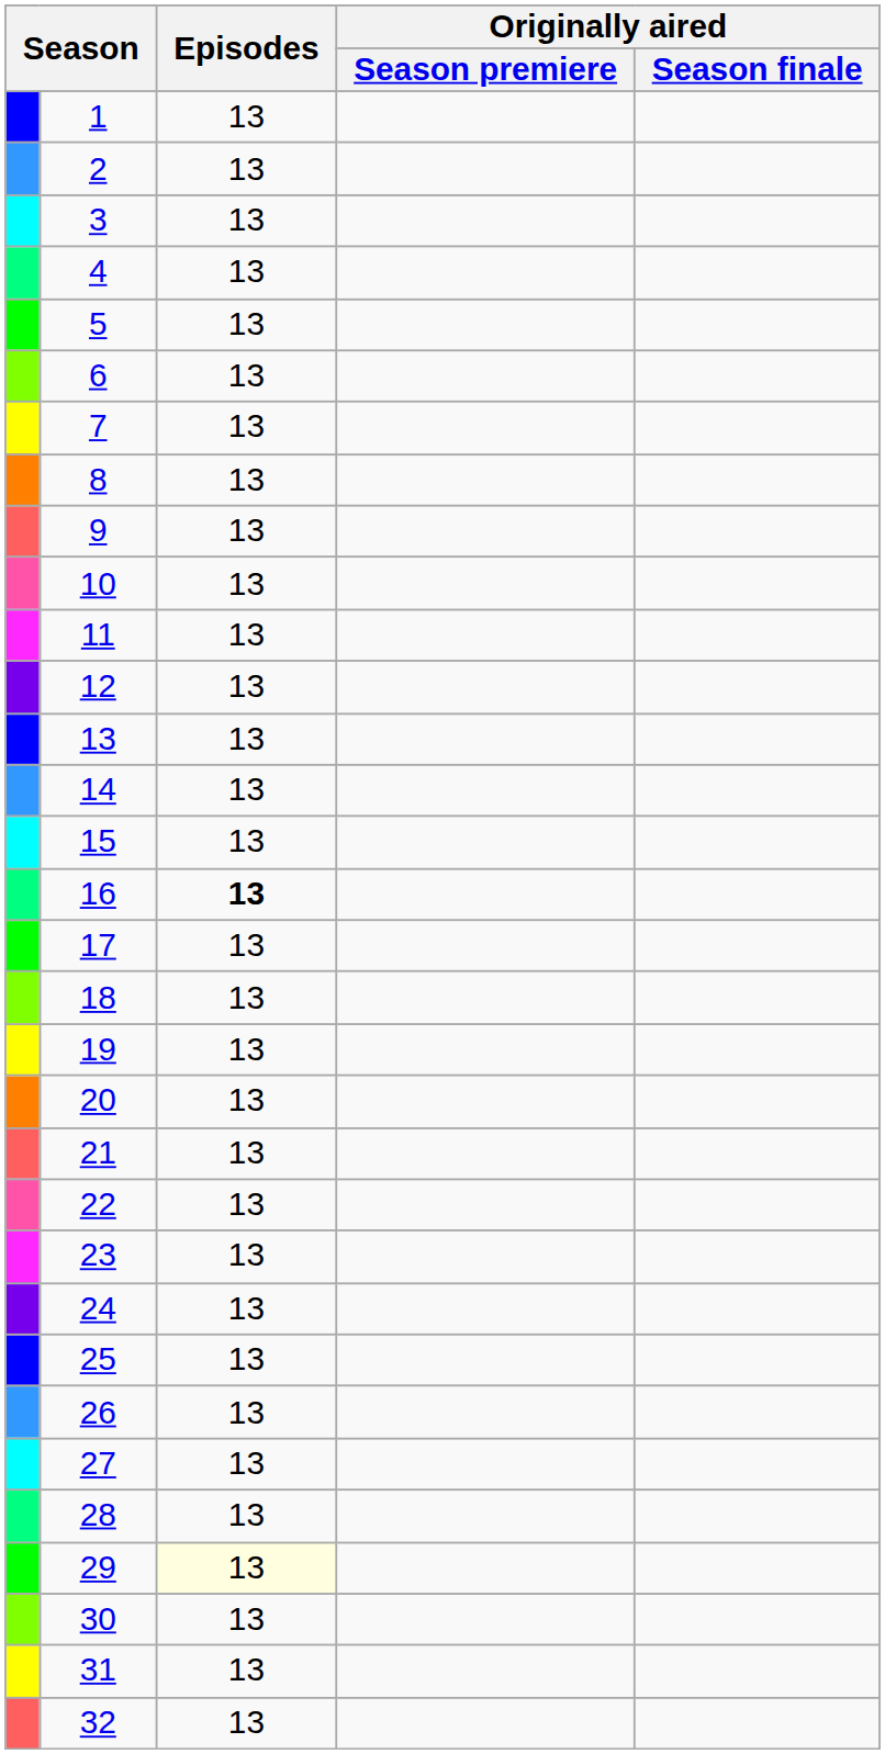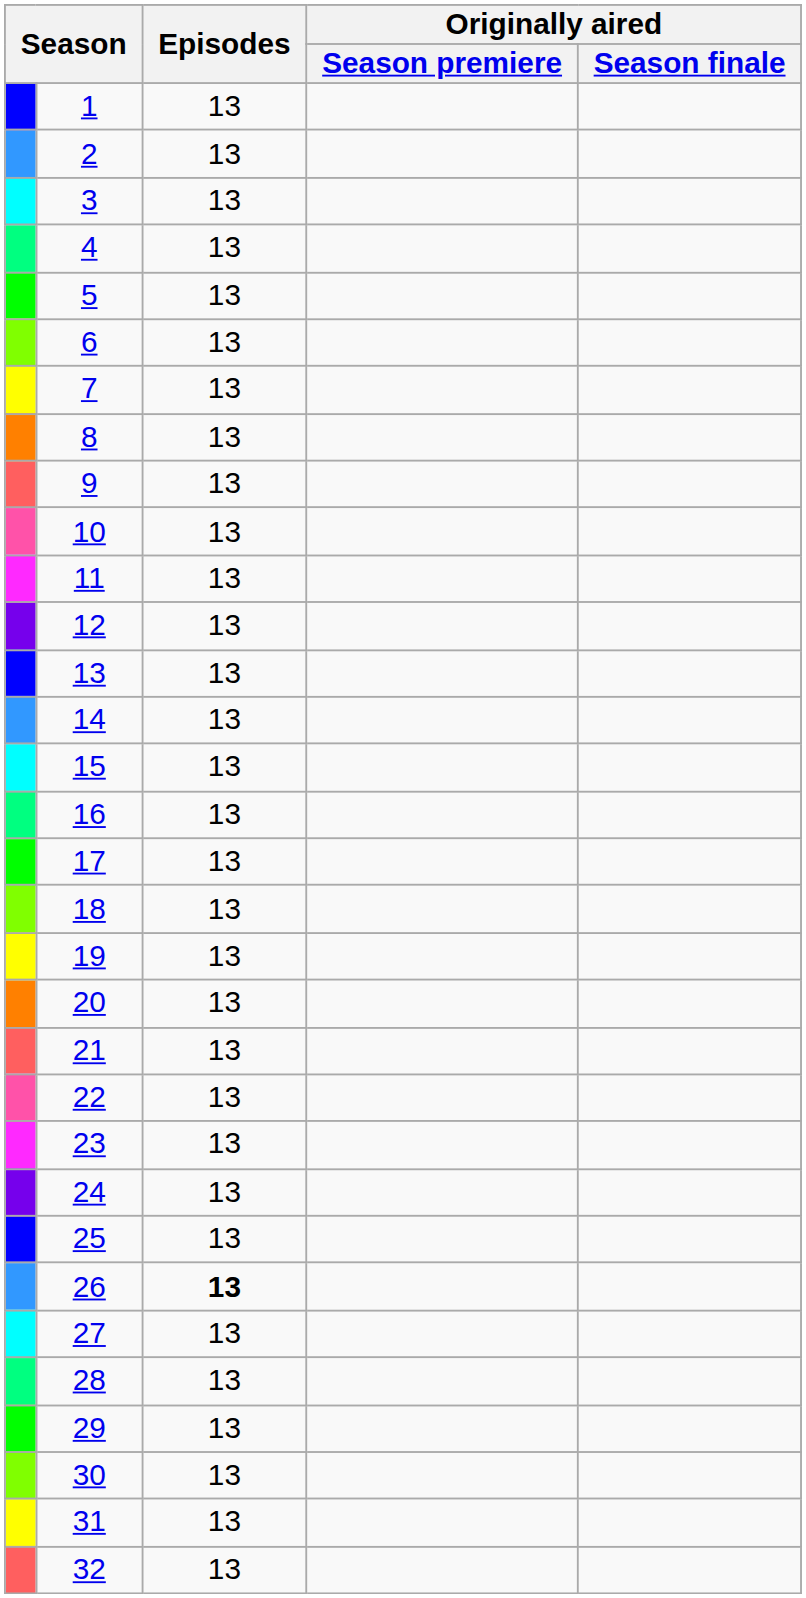 <table class="wikitable plainrowheaders" style="text-align:center;">
 <tr>
 <th scope="col" colspan="2" rowspan="2" style="padding: 0px 8px">Season</th>
 <th scope="col" rowspan="2" style="padding: 0px 8px">Episodes</th>
 <th scope="col" colspan="2" style="padding: 1px 8px">Originally aired</th>
 </tr>
 <tr>
 <th scope="col" style="padding: 1px 8px"><a href='#'>Season premiere</a></th>
 <th scope="col" style="padding: 1px 8px"><a href='#'>Season finale</a></th>
 </tr>
 <tr>
 <td scope="row" bgcolor="#0000FF" height="10px"></td>
 <td><a href='#'>1</a></td>
 <td>13</td>
 <td></td>
 <td></td>
 </tr>
 <tr>
 <td scope="row" bgcolor="#3198FF" height="10px"></td>
 <td><a href='#'>2</a></td>
 <td>13</td>
 <td></td>
 <td></td>
 </tr>
 <tr>
 <td scope="row" bgcolor="#00FFFF" height="10px"></td>
 <td><a href='#'>3</a></td>
 <td>13</td>
 <td></td>
 <td></td>
 </tr>
 <tr>
 <td scope="row" bgcolor="#00FF80" height="10px"></td>
 <td><a href='#'>4</a></td>
 <td>13</td>
 <td></td>
 <td></td>
 </tr>
 <tr>
 <td scope="row" bgcolor="#00FF00" height="10px"></td>
 <td><a href='#'>5</a></td>
 <td>13</td>
 <td></td>
 <td></td>
 </tr>
 <tr>
 <td scope="row" bgcolor="#80FF00" height="10px"></td>
 <td><a href='#'>6</a></td>
 <td>13</td>
 <td></td>
 <td></td>
 </tr>
 <tr>
 <td scope="row" bgcolor="#FFFF00" height="10px"></td>
 <td><a href='#'>7</a></td>
 <td>13</td>
 <td></td>
 <td></td>
 </tr>
 <tr>
 <td scope="row" bgcolor="#FF8000" height="10px"></td>
 <td><a href='#'>8</a></td>
 <td>13</td>
 <td></td>
 <td></td>
 </tr>
 <tr>
 <td scope="row" bgcolor="#FF5F5F" height="10px"></td>
 <td><a href='#'>9</a></td>
 <td>13</td>
 <td></td>
 <td></td>
 </tr>
 <tr>
 <td scope="row" bgcolor="#FF52A9" height="10px"></td>
 <td><a href='#'>10</a></td>
 <td>13</td>
 <td></td>
 <td></td>
 </tr>
 <tr>
 <td scope="row" bgcolor="#FF29FF" height="10px"></td>
 <td><a href='#'>11</a></td>
 <td>13</td>
 <td></td>
 <td></td>
 </tr>
 <tr>
 <td scope="row" bgcolor="#7600EC" height="10px"></td>
 <td><a href='#'>12</a></td>
 <td>13</td>
 <td></td>
 <td></td>
 </tr>
 <tr>
 <td scope="row" bgcolor="#0000FF" height="10px"></td>
 <td><a href='#'>13</a></td>
 <td>13</td>
 <td></td>
 <td></td>
 </tr>
 <tr>
 <td scope="row" bgcolor="#3198FF" height="10px"></td>
 <td><a href='#'>14</a></td>
 <td>13</td>
 <td></td>
 <td></td>
 </tr>
 <tr>
 <td scope="row" bgcolor="#00FFFF" height="10px"></td>
 <td><a href='#'>15</a></td>
 <td>13</td>
 <td></td>
 <td></td>
 </tr>
 <tr>
 <td scope="row" bgcolor="#00FF80" height="10px"></td>
 <td><a href='#'>16</a></td>
-<td><strong>13</strong></td>
+<td>13</td>
 <td></td>
 <td></td>
 </tr>
 <tr>
 <td scope="row" bgcolor="#00FF00" height="10px"></td>
 <td><a href='#'>17</a></td>
 <td>13</td>
 <td></td>
 <td></td>
 </tr>
 <tr>
 <td scope="row" bgcolor="#80FF00" height="10px"></td>
 <td><a href='#'>18</a></td>
 <td>13</td>
 <td></td>
 <td></td>
 </tr>
 <tr>
 <td scope="row" bgcolor="#FFFF00" height="10px"></td>
 <td><a href='#'>19</a></td>
 <td>13</td>
 <td></td>
 <td></td>
 </tr>
 <tr>
 <td scope="row" bgcolor="#FF8000" height="10px"></td>
 <td><a href='#'>20</a></td>
 <td>13</td>
 <td></td>
 <td></td>
 </tr>
 <tr>
 <td scope="row" bgcolor="#FF5F5F" height="10px"></td>
 <td><a href='#'>21</a></td>
 <td>13</td>
 <td></td>
 <td></td>
 </tr>
 <tr>
 <td scope="row" bgcolor="#FF52A9" height="10px"></td>
 <td><a href='#'>22</a></td>
 <td>13</td>
 <td></td>
 <td></td>
 </tr>
 <tr>
 <td scope="row" bgcolor="#FF29FF" height="10px"></td>
 <td><a href='#'>23</a></td>
 <td>13</td>
 <td></td>
 <td></td>
 </tr>
 <tr>
 <td scope="row" bgcolor="#7600EC" height="10px"></td>
 <td><a href='#'>24</a></td>
 <td>13</td>
 <td></td>
 <td></td>
 </tr>
 <tr>
 <td scope="row" bgcolor="#0000FF" height="10px"></td>
 <td><a href='#'>25</a></td>
 <td>13</td>
 <td></td>
 <td></td>
 </tr>
 <tr>
 <td scope="row" bgcolor="#3198FF" height="10px"></td>
 <td><a href='#'>26</a></td>
-<td>13</td>
+<td><strong>13</strong></td>
 <td></td>
 <td></td>
 </tr>
 <tr>
 <td scope="row" bgcolor="#00FFFF" height="10px"></td>
 <td><a href='#'>27</a></td>
 <td>13</td>
 <td></td>
 <td></td>
 </tr>
 <tr>
 <td scope="row" bgcolor="#00FF80" height="10px"></td>
 <td><a href='#'>28</a></td>
 <td>13</td>
 <td></td>
 <td></td>
 </tr>
 <tr>
 <td scope="row" bgcolor="#00FF00" height="10px"></td>
 <td><a href='#'>29</a></td>
-<td style="background: lightyellow;">13</td>
+<td>13</td>
 <td></td>
 <td></td>
 </tr>
 <tr>
 <td scope="row" bgcolor="#80FF00" height="10px"></td>
 <td><a href='#'>30</a></td>
 <td>13</td>
 <td></td>
 <td></td>
 </tr>
 <tr>
 <td scope="row" bgcolor="#FFFF00" height="10px"></td>
 <td><a href='#'>31</a></td>
 <td>13</td>
 <td></td>
 <td></td>
 </tr>
 <tr>
 <td scope="row" bgcolor="#FF5F5F" height="10px"></td>
 <td><a href='#'>32</a></td>
 <td>13</td>
 <td></td>
 <td></td>
 </tr>
 </table>
